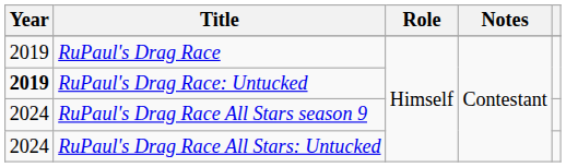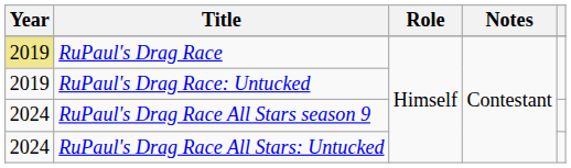 <table class="wikitable">
 <tr>
 <th>Year</th>
 <th>Title</th>
 <th>Role</th>
 <th>Notes</th>
 <th style="text-align: center;" class="unsortable"></th>
 </tr>
 <tr>
 </tr>
 <tr>
-<td>2019</td>
+<td style="background: khaki;">2019</td>
 <td><em><a href='#'>RuPaul's Drag Race</a></em></td>
 <td rowspan="6">Himself</td>
 <td rowspan="4">Contestant</td>
 <td rowspan="2" style="text-align: center;"></td>
 </tr>
 <tr>
-<td><strong>2019</strong></td>
+<td>2019</td>
 <td><em><a href='#'>RuPaul's Drag Race: Untucked</a></em></td>
 </tr>
 <tr>
 <td>2024</td>
 <td><em><a href='#'>RuPaul's Drag Race All Stars season 9</a></em></td>
 </tr>
 <tr>
 <td>2024</td>
 <td><em><a href='#'>RuPaul's Drag Race All Stars: Untucked</a></em></td>
 <td></td>
 </tr>
 </table>
